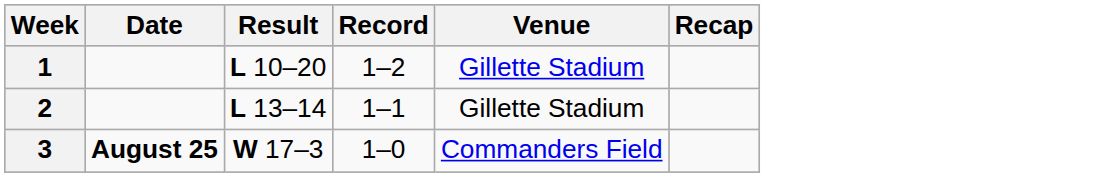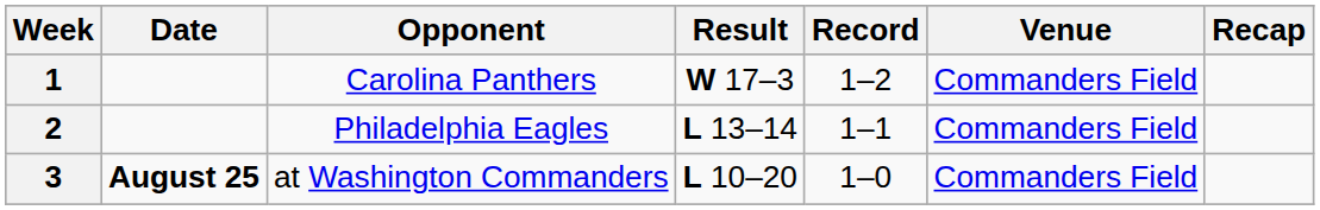 <table class="wikitable" style="text-align:center">
 <tr>
 <th>Week</th>
 <th>Date</th>
+<th>Opponent</th>
 <th>Result</th>
 <th>Record</th>
 <th>Venue</th>
 <th>Recap</th>
 </tr>
 <tr>
 <th>1</th>
 <td></td>
-<td><strong>L</strong> 10–20</td>
+<td><a href='#'>Carolina Panthers</a></td>
+<td><strong>W</strong> 17–3</td>
 <td>1–2</td>
-<td><a href='#'>Gillette Stadium</a></td>
+<td><a href='#'>Commanders Field</a></td>
 <td></td>
 </tr>
 <tr>
 <th>2</th>
 <td></td>
+<td><a href='#'>Philadelphia Eagles</a></td>
 <td><strong>L</strong> 13–14</td>
 <td>1–1</td>
-<td>Gillette Stadium</td>
+<td><a href='#'>Commanders Field</a></td>
 <td></td>
 </tr>
 <tr>
 <th>3</th>
 <td><strong>August 25</strong></td>
-<td><strong>W</strong> 17–3</td>
+<td>at <a href='#'>Washington Commanders</a></td>
+<td><strong>L</strong> 10–20</td>
 <td>1–0</td>
 <td><a href='#'>Commanders Field</a></td>
 <td></td>
 </tr>
 </table>
